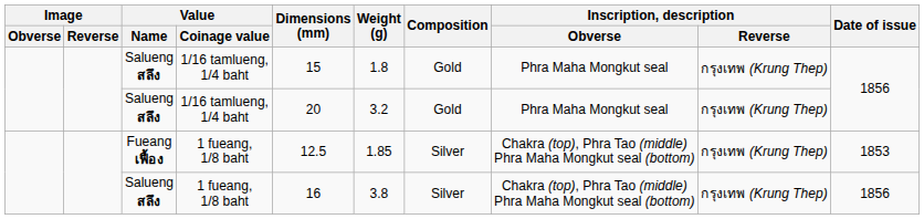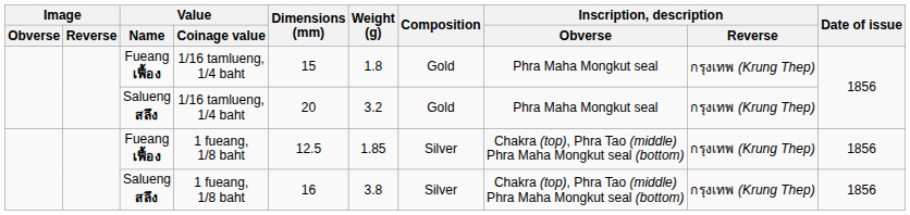 <table class="wikitable" style="text-align: center">
 <tr>
 <th colspan="2">Image</th>
 <th colspan="2">Value</th>
 <th rowspan="2">Dimensions<br>(mm)</th>
 <th rowspan="2">Weight<br>(g)</th>
 <th rowspan="2">Composition</th>
 <th colspan="2">Inscription, description</th>
 <th rowspan="2">Date of issue</th>
 </tr>
 <tr>
 <th>Obverse</th>
 <th>Reverse</th>
 <th>Name</th>
 <th>Coinage value</th>
 <th>Obverse</th>
 <th>Reverse</th>
 </tr>
 <tr>
 <td rowspan="2"></td>
 <td rowspan="2"></td>
-<td>Salueng<br><strong>สลึง</strong></td>
+<td>Fueang<br><strong>เฟื้อง</strong></td>
 <td>1/16 tamlueng,<br>1/4 baht</td>
 <td>15</td>
 <td>1.8</td>
 <td>Gold</td>
 <td>Phra Maha Mongkut seal</td>
 <td>กรุงเทพ <em>(Krung Thep)</em></td>
 <td rowspan="2">1856</td>
 </tr>
 <tr>
 <td>Salueng<br><strong>สลึง</strong></td>
 <td>1/16 tamlueng,<br>1/4 baht</td>
 <td>20</td>
 <td>3.2</td>
 <td>Gold</td>
 <td>Phra Maha Mongkut seal</td>
 <td>กรุงเทพ <em>(Krung Thep)</em></td>
 </tr>
 <tr>
 <td rowspan="2"></td>
 <td rowspan="2"></td>
 <td>Fueang<br><strong>เฟื้อง</strong></td>
 <td>1 fueang,<br>1/8 baht</td>
 <td>12.5</td>
 <td>1.85</td>
 <td>Silver</td>
 <td>Chakra <em>(top)</em>, Phra Tao <em>(middle)</em><br>Phra Maha Mongkut seal <em>(bottom)</em></td>
 <td>กรุงเทพ <em>(Krung Thep)</em></td>
-<td>1853</td>
+<td>1856</td>
 </tr>
 <tr>
 <td>Salueng<br><strong>สลึง</strong></td>
 <td>1 fueang,<br>1/8 baht</td>
 <td>16</td>
 <td>3.8</td>
 <td>Silver</td>
 <td>Chakra <em>(top)</em>, Phra Tao <em>(middle)</em><br>Phra Maha Mongkut seal <em>(bottom)</em></td>
 <td>กรุงเทพ <em>(Krung Thep)</em></td>
 <td>1856</td>
 </tr>
 </table>
